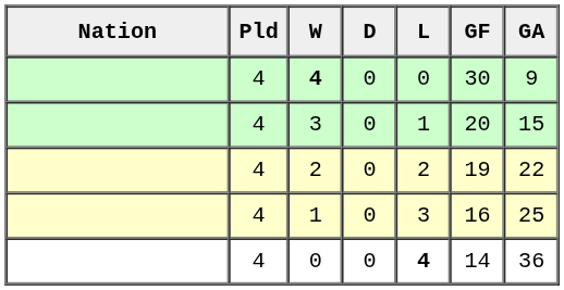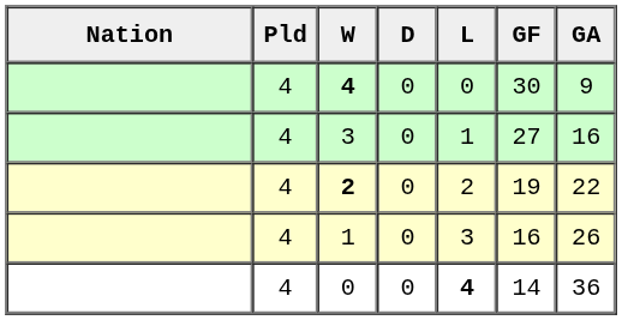 <table border=1 cellpadding=5 cellspacing=0>
 <tr>
 <th bgcolor="#efefef" width="120">Nation　</th>
 <th bgcolor="#efefef" width="20">Pld</th>
 <th bgcolor="#efefef" width="20">W</th>
 <th bgcolor="#efefef" width="20">D</th>
 <th bgcolor="#efefef" width="20">L</th>
 <th bgcolor="#efefef" width="20">GF</th>
 <th bgcolor="#efefef" width="20">GA</th>
 </tr>
 <tr align=center bgcolor="#ccffcc">
 <td align=left></td>
 <td>4</td>
 <td><strong>4</strong></td>
 <td>0</td>
 <td>0</td>
 <td>30</td>
 <td>9</td>
 </tr>
 <tr align=center bgcolor="#ccffcc">
 <td align=left></td>
 <td>4</td>
 <td>3</td>
 <td>0</td>
 <td>1</td>
-<td>20</td>
-<td>15</td>
+<td>27</td>
+<td>16</td>
 </tr>
 <tr align=center bgcolor="#ffffcc">
 <td align=left></td>
 <td>4</td>
-<td>2</td>
+<td><strong>2</strong></td>
 <td>0</td>
 <td>2</td>
 <td>19</td>
 <td>22</td>
 </tr>
 <tr align=center bgcolor="#ffffcc">
 <td align=left></td>
 <td>4</td>
 <td>1</td>
 <td>0</td>
 <td>3</td>
 <td>16</td>
-<td>25</td>
+<td>26</td>
 </tr>
 <tr align=center>
 <td align=left></td>
 <td>4</td>
 <td>0</td>
 <td>0</td>
 <td><strong>4</strong></td>
 <td>14</td>
 <td>36</td>
 </tr>
 </table>
